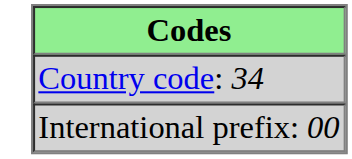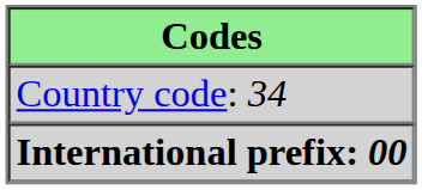 <table border=1 cellpadding=2 cellspacing=0 style="background: lightgray; margin-left: 2em; border: 1px solid gray; float: right">
 <tr>
 <th style="background: lightgreen">Codes</th>
 </tr>
 <tr>
 <td><a href='#'>Country code</a>: <em>34</em></td>
 </tr>
 <tr>
-<td>International prefix: <em>00</em></td>
+<td><strong>International prefix: <em>00</em></strong></td>
 </tr>
 </table>
